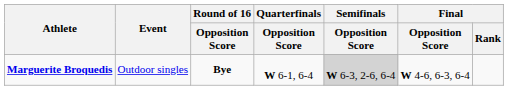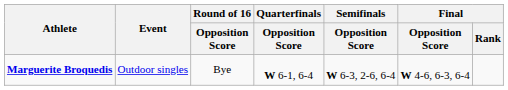 <table class=wikitable style="font-size:90%">
 <tr>
 <th rowspan="2">Athlete</th>
 <th rowspan="2">Event</th>
 <th>Round of 16</th>
 <th>Quarterfinals</th>
 <th>Semifinals</th>
 <th colspan="2">Final</th>
 </tr>
 <tr>
 <th>Opposition<br>Score</th>
 <th>Opposition<br>Score</th>
 <th>Opposition<br>Score</th>
 <th>Opposition<br>Score</th>
 <th>Rank</th>
 </tr>
 <tr>
 <td><strong><a href='#'>Marguerite Broquedis</a></strong></td>
 <td><a href='#'>Outdoor singles</a></td>
-<td align=center><strong>Bye</strong></td>
+<td align=center>Bye</td>
 <td align=center> <br> <strong>W</strong> 6-1, 6-4</td>
-<td align=center style="background: lightgrey;"> <br> <strong>W</strong> 6-3, 2-6, 6-4</td>
+<td align=center> <br> <strong>W</strong> 6-3, 2-6, 6-4</td>
 <td align=center> <br> <strong>W</strong> 4-6, 6-3, 6-4</td>
 <td align=center></td>
 </tr>
 </table>
